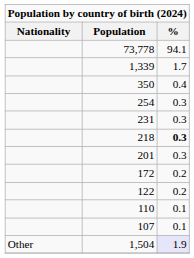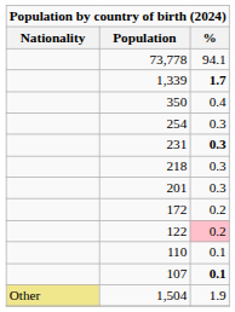 <table class="wikitable" style="float:right; text-align:right;">
 <tr>
 <td colspan="3"><strong>Population by country of birth (2024)</strong></td>
 </tr>
 <tr \>
 <th>Nationality</th>
 <th>Population</th>
 <th>%</th>
 </tr>
 <tr>
 <td style="text-align:left;"></td>
 <td>73,778</td>
 <td>94.1</td>
 </tr>
 <tr>
 <td style="text-align:left;"></td>
 <td>1,339</td>
-<td>1.7</td>
+<td><strong>1.7</strong></td>
 </tr>
 <tr>
 <td style="text-align:left;"></td>
 <td>350</td>
 <td>0.4</td>
 </tr>
 <tr>
 <td style="text-align:left;"></td>
 <td>254</td>
 <td>0.3</td>
 </tr>
 <tr>
 <td style="text-align:left;"></td>
 <td>231</td>
-<td>0.3</td>
+<td><strong>0.3</strong></td>
 </tr>
 <tr>
 <td style="text-align:left;"></td>
 <td>218</td>
-<td><strong>0.3</strong></td>
+<td>0.3</td>
 </tr>
 <tr>
 <td style="text-align:left;"></td>
 <td>201</td>
 <td>0.3</td>
 </tr>
 <tr>
 <td style="text-align:left;"></td>
 <td>172</td>
 <td>0.2</td>
 </tr>
 <tr>
 <td style="text-align:left;"></td>
 <td>122</td>
-<td>0.2</td>
+<td style="background: pink;">0.2</td>
 </tr>
 <tr>
 <td style="text-align:left;"></td>
 <td>110</td>
 <td>0.1</td>
 </tr>
 <tr>
 <td style="text-align:left;"></td>
 <td>107</td>
-<td>0.1</td>
+<td><strong>0.1</strong></td>
 </tr>
 <tr>
-<td style="text-align:left;">Other</td>
+<td style="background: khaki; text-align:left;">Other</td>
 <td>1,504</td>
-<td style="background: lavender;">1.9</td>
+<td>1.9</td>
 </tr>
 <tr>
 </tr>
 </table>
